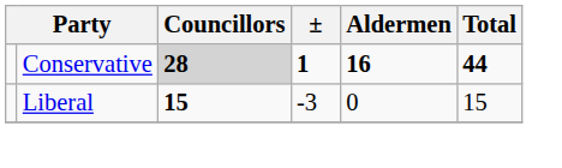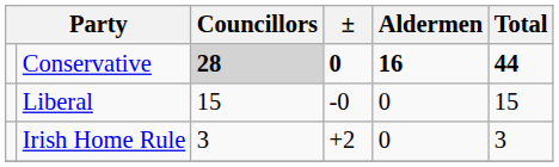 <table class="wikitable">
 <tr>
 <th colspan="2">Party</th>
 <th>Councillors</th>
 <th>  ±  </th>
 <th>Aldermen</th>
 <th>Total</th>
 </tr>
 <tr>
 <td style="background-color: "></td>
 <td><a href='#'>Conservative</a></td>
 <td style="background: lightgrey;"><strong>28</strong></td>
-<td><strong>1</strong></td>
+<td><strong>0</strong></td>
 <td><strong>16</strong></td>
 <td><strong>44</strong></td>
 </tr>
 <tr>
 <td style="background-color: "></td>
 <td><a href='#'>Liberal</a></td>
-<td><strong>15</strong></td>
-<td>-3</td>
+<td>15</td>
+<td>-0</td>
 <td>0</td>
 <td>15</td>
 </tr>
 <tr>
+<td style="background-color: "></td>
+<td><a href='#'>Irish Home Rule</a></td>
+<td>3</td>
+<td>+2</td>
+<td>0</td>
+<td>3</td>
+</tr>
+<tr>
 </tr>
 </table>
